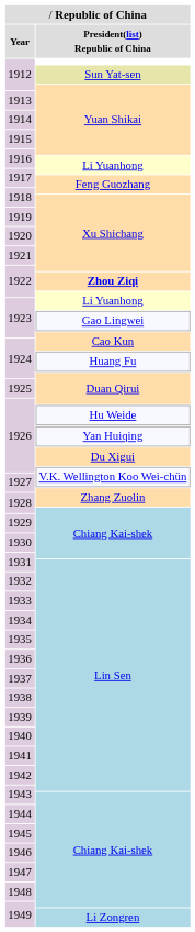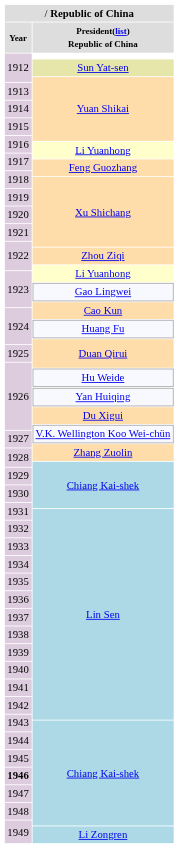 <table border=0 cellpadding=3 cellspacing=1 style="text-align:center;font-size:80%;line-height:14px;">
 <tr>
 <td bgcolor=#DDDDDD colspan=2>/ <strong>Republic of China</strong></td>
 </tr>
 <tr>
 <th bgcolor=#DDDDDD><small><strong>Year</strong></small></th>
 <th bgcolor=#DDDDDD><small><strong>President</strong>(<a href='#'>list</a>)</small><br><small><strong>Republic of China</strong></small><br></th>
 </tr>
 <tr>
 <td bgcolor=#DDCCDD rowspan=3>1912</td>
 <td></td>
 <td></td>
 </tr>
 <tr>
 <td bgcolor=#E6E6AA><a href='#'>Sun Yat-sen</a></td>
 <td></td>
 </tr>
 <tr>
 <td bgcolor=#FFDDAA rowspan=5><a href='#'>Yuan Shikai</a></td>
 <td></td>
 </tr>
 <tr>
 <td bgcolor=#DDCCDD>1913</td>
 </tr>
 <tr>
 <td bgcolor=#DDCCDD>1914</td>
 </tr>
 <tr>
 <td bgcolor=#DDCCDD>1915</td>
 </tr>
 <tr>
 <td bgcolor=#DDCCDD rowspan=2>1916</td>
 <td></td>
 </tr>
 <tr>
 <td bgcolor=#FFFFCC rowspan=2><a href='#'>Li Yuanhong</a></td>
 <td></td>
 </tr>
 <tr>
 <td bgcolor=#DDCCDD rowspan=2>1917</td>
 <td></td>
 </tr>
 <tr>
 <td bgcolor=#FFDDAA rowspan=2><a href='#'>Feng Guozhang</a></td>
 <td></td>
 </tr>
 <tr>
 <td bgcolor=#DDCCDD rowspan=2>1918</td>
 <td></td>
 </tr>
 <tr>
 <td bgcolor=#FFDDAA rowspan=5><a href='#'>Xu Shichang</a></td>
 <td></td>
 </tr>
 <tr>
 <td bgcolor=#DDCCDD>1919</td>
 </tr>
 <tr>
 <td bgcolor=#DDCCDD>1920</td>
 </tr>
 <tr>
 <td bgcolor=#DDCCDD>1921</td>
 </tr>
 <tr>
 <td bgcolor=#DDCCDD rowspan=3>1922</td>
 <td></td>
 </tr>
 <tr>
-<td bgcolor=#FFDDAA><strong><a href='#'>Zhou Ziqi</a> </strong></td>
+<td bgcolor=#FFDDAA><a href='#'>Zhou Ziqi</a> </td>
 <td></td>
 </tr>
 <tr>
 <td bgcolor=#FFFFCC rowspan=2><a href='#'>Li Yuanhong</a></td>
 <td></td>
 </tr>
 <tr>
 <td bgcolor=#DDCCDD rowspan=3>1923</td>
 <td></td>
 </tr>
 <tr>
 <td bgcolor=#F8F8FF style="border: 1px solid darkgray;"><a href='#'>Gao Lingwei</a> </td>
 <td></td>
 </tr>
 <tr>
 <td bgcolor=#FFDDAA rowspan=2><a href='#'>Cao Kun</a></td>
 <td></td>
 </tr>
 <tr>
 <td bgcolor=#DDCCDD rowspan=3>1924</td>
 <td></td>
 </tr>
 <tr>
 <td bgcolor=#F8F8FF style="border: 1px solid darkgray;"><a href='#'>Huang Fu</a> </td>
 <td></td>
 </tr>
 <tr>
 <td bgcolor=#FFDDAA rowspan=3><a href='#'>Duan Qirui</a> </td>
 <td></td>
 </tr>
 <tr>
 <td bgcolor=#DDCCDD>1925</td>
 </tr>
 <tr>
 <td bgcolor=#DDCCDD rowspan=5>1926</td>
 <td></td>
 </tr>
 <tr>
 <td bgcolor=#F8F8FF style="border: 1px solid darkgray;"><a href='#'>Hu Weide</a> </td>
 </tr>
 <tr>
 <td bgcolor=#F8F8FF style="border: 1px solid darkgray;"><a href='#'>Yan Huiqing</a> </td>
 </tr>
 <tr>
 <td bgcolor=#FFDDAA><a href='#'>Du Xigui</a> </td>
 </tr>
 <tr>
 <td bgcolor=#F8F8FF style="border: 1px solid darkgray;" rowspan=2><a href='#'>V.K. Wellington Koo Wei-chün</a> </td>
 <td></td>
 </tr>
 <tr>
 <td bgcolor=#DDCCDD rowspan=2>1927</td>
 </tr>
 <tr>
 <td bgcolor=#FFDDAA rowspan=2><a href='#'>Zhang Zuolin</a> </td>
 </tr>
 <tr>
 <td bgcolor=#DDCCDD rowspan=2>1928</td>
 </tr>
 <tr>
 <td bgcolor=#ADD8E6 rowspan=4><a href='#'>Chiang Kai-shek</a></td>
 <td></td>
 </tr>
 <tr>
 <td bgcolor=#DDCCDD>1929</td>
 </tr>
 <tr>
 <td bgcolor=#DDCCDD>1930</td>
 </tr>
 <tr>
 <td bgcolor=#DDCCDD rowspan=2>1931</td>
 <td></td>
 </tr>
 <tr>
 <td bgcolor=#ADD8E6 rowspan=13><a href='#'>Lin Sen</a></td>
 </tr>
 <tr>
 <td bgcolor=#DDCCDD>1932</td>
 </tr>
 <tr>
 <td bgcolor=#DDCCDD>1933</td>
 </tr>
 <tr>
 <td bgcolor=#DDCCDD>1934</td>
 </tr>
 <tr>
 <td bgcolor=#DDCCDD>1935</td>
 </tr>
 <tr>
 <td bgcolor=#DDCCDD>1936</td>
 </tr>
 <tr>
 <td bgcolor=#DDCCDD>1937</td>
 </tr>
 <tr>
 <td bgcolor=#DDCCDD>1938</td>
 </tr>
 <tr>
 <td bgcolor=#DDCCDD>1939</td>
 </tr>
 <tr>
 <td bgcolor=#DDCCDD>1940</td>
 </tr>
 <tr>
 <td bgcolor=#DDCCDD>1941</td>
 </tr>
 <tr>
 <td bgcolor=#DDCCDD>1942</td>
 </tr>
 <tr>
 <td bgcolor=#DDCCDD rowspan=2>1943</td>
 <td></td>
 </tr>
 <tr>
 <td bgcolor=#ADD8E6 rowspan=7><a href='#'>Chiang Kai-shek</a></td>
 </tr>
 <tr>
 <td bgcolor=#DDCCDD>1944</td>
 </tr>
 <tr>
 <td bgcolor=#DDCCDD>1945</td>
 </tr>
 <tr>
-<td bgcolor=#DDCCDD>1946</td>
+<td bgcolor=#DDCCDD><strong>1946</strong></td>
 </tr>
 <tr>
 <td bgcolor=#DDCCDD>1947</td>
 </tr>
 <tr>
 <td bgcolor=#DDCCDD>1948</td>
 </tr>
 <tr>
 <td bgcolor=#DDCCDD rowspan=2>1949</td>
 <td></td>
 </tr>
 <tr>
 <td bgcolor=#ADD8E6><a href='#'>Li Zongren</a> </td>
 </tr>
 </table>
